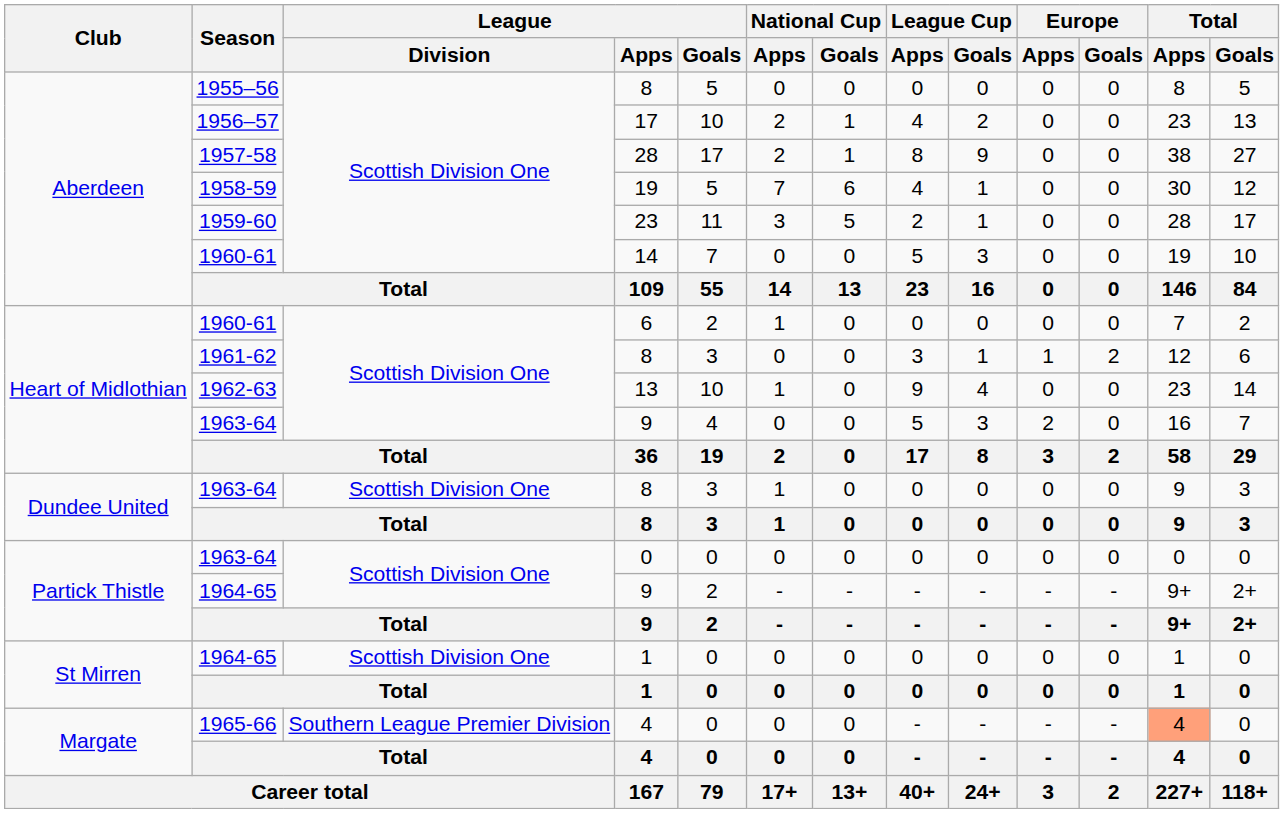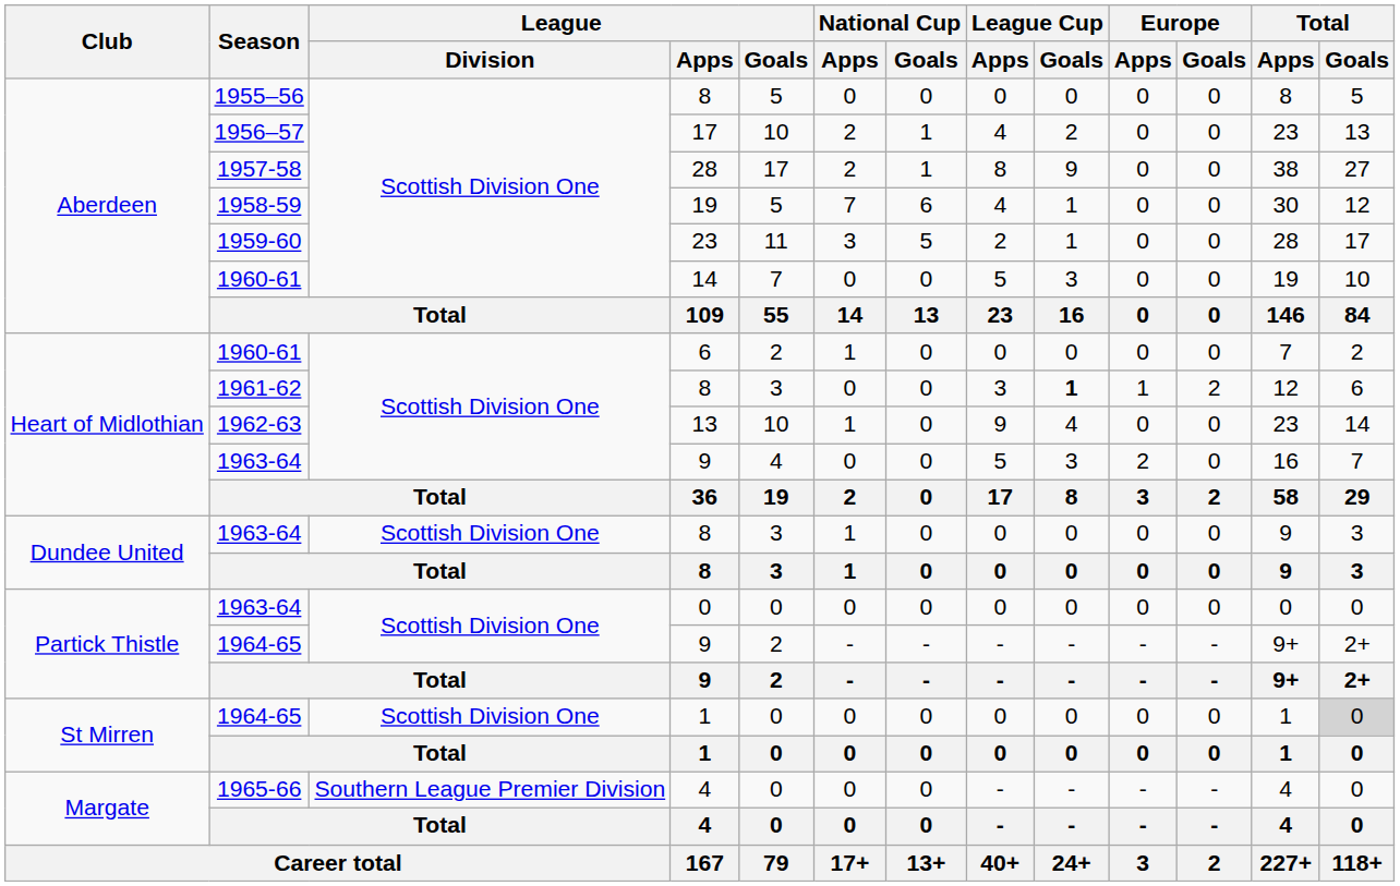 <table class="wikitable" style="text-align:center">
 <tr>
 <th rowspan="2">Club</th>
 <th rowspan="2">Season</th>
 <th colspan="3">League</th>
 <th colspan="2">National Cup</th>
 <th colspan="2">League Cup</th>
 <th colspan="2">Europe</th>
 <th colspan="2">Total</th>
 </tr>
 <tr>
 <th>Division</th>
 <th>Apps</th>
 <th>Goals</th>
 <th>Apps</th>
 <th>Goals</th>
 <th>Apps</th>
 <th>Goals</th>
 <th>Apps</th>
 <th>Goals</th>
 <th>Apps</th>
 <th>Goals</th>
 </tr>
 <tr>
 <td rowspan="7"><a href='#'>Aberdeen</a></td>
 <td><a href='#'>1955–56</a></td>
 <td rowspan="6"><a href='#'>Scottish Division One</a></td>
 <td>8</td>
 <td>5</td>
 <td>0</td>
 <td>0</td>
 <td>0</td>
 <td>0</td>
 <td>0</td>
 <td>0</td>
 <td>8</td>
 <td>5</td>
 </tr>
 <tr>
 <td><a href='#'>1956–57</a></td>
 <td>17</td>
 <td>10</td>
 <td>2</td>
 <td>1</td>
 <td>4</td>
 <td>2</td>
 <td>0</td>
 <td>0</td>
 <td>23</td>
 <td>13</td>
 </tr>
 <tr>
 <td><a href='#'>1957-58</a></td>
 <td>28</td>
 <td>17</td>
 <td>2</td>
 <td>1</td>
 <td>8</td>
 <td>9</td>
 <td>0</td>
 <td>0</td>
 <td>38</td>
 <td>27</td>
 </tr>
 <tr>
 <td><a href='#'>1958-59</a></td>
 <td>19</td>
 <td>5</td>
 <td>7</td>
 <td>6</td>
 <td>4</td>
 <td>1</td>
 <td>0</td>
 <td>0</td>
 <td>30</td>
 <td>12</td>
 </tr>
 <tr>
 <td><a href='#'>1959-60</a></td>
 <td>23</td>
 <td>11</td>
 <td>3</td>
 <td>5</td>
 <td>2</td>
 <td>1</td>
 <td>0</td>
 <td>0</td>
 <td>28</td>
 <td>17</td>
 </tr>
 <tr>
 <td><a href='#'>1960-61</a></td>
 <td>14</td>
 <td>7</td>
 <td>0</td>
 <td>0</td>
 <td>5</td>
 <td>3</td>
 <td>0</td>
 <td>0</td>
 <td>19</td>
 <td>10</td>
 </tr>
 <tr>
 <th colspan="2">Total</th>
 <th>109</th>
 <th>55</th>
 <th>14</th>
 <th>13</th>
 <th>23</th>
 <th>16</th>
 <th>0</th>
 <th>0</th>
 <th>146</th>
 <th>84</th>
 </tr>
 <tr>
 <td rowspan="5"><a href='#'>Heart of Midlothian</a></td>
 <td><a href='#'>1960-61</a></td>
 <td rowspan="4"><a href='#'>Scottish Division One</a></td>
 <td>6</td>
 <td>2</td>
 <td>1</td>
 <td>0</td>
 <td>0</td>
 <td>0</td>
 <td>0</td>
 <td>0</td>
 <td>7</td>
 <td>2</td>
 </tr>
 <tr>
 <td><a href='#'>1961-62</a></td>
 <td>8</td>
 <td>3</td>
 <td>0</td>
 <td>0</td>
 <td>3</td>
-<td>1</td>
+<td><strong>1</strong></td>
 <td>1</td>
 <td>2</td>
 <td>12</td>
 <td>6</td>
 </tr>
 <tr>
 <td><a href='#'>1962-63</a></td>
 <td>13</td>
 <td>10</td>
 <td>1</td>
 <td>0</td>
 <td>9</td>
 <td>4</td>
 <td>0</td>
 <td>0</td>
 <td>23</td>
 <td>14</td>
 </tr>
 <tr>
 <td><a href='#'>1963-64</a></td>
 <td>9</td>
 <td>4</td>
 <td>0</td>
 <td>0</td>
 <td>5</td>
 <td>3</td>
 <td>2</td>
 <td>0</td>
 <td>16</td>
 <td>7</td>
 </tr>
 <tr>
 <th colspan="2">Total</th>
 <th>36</th>
 <th>19</th>
 <th>2</th>
 <th>0</th>
 <th>17</th>
 <th>8</th>
 <th>3</th>
 <th>2</th>
 <th>58</th>
 <th>29</th>
 </tr>
 <tr>
 <td rowspan="2"><a href='#'>Dundee United</a></td>
 <td><a href='#'>1963-64</a></td>
 <td><a href='#'>Scottish Division One</a></td>
 <td>8</td>
 <td>3</td>
 <td>1</td>
 <td>0</td>
 <td>0</td>
 <td>0</td>
 <td>0</td>
 <td>0</td>
 <td>9</td>
 <td>3</td>
 </tr>
 <tr>
 <th colspan="2">Total</th>
 <th>8</th>
 <th>3</th>
 <th>1</th>
 <th>0</th>
 <th>0</th>
 <th>0</th>
 <th>0</th>
 <th>0</th>
 <th>9</th>
 <th>3</th>
 </tr>
 <tr>
 <td rowspan="3"><a href='#'>Partick Thistle</a></td>
 <td><a href='#'>1963-64</a></td>
 <td rowspan="2"><a href='#'>Scottish Division One</a></td>
 <td>0</td>
 <td>0</td>
 <td>0</td>
 <td>0</td>
 <td>0</td>
 <td>0</td>
 <td>0</td>
 <td>0</td>
 <td>0</td>
 <td>0</td>
 </tr>
 <tr>
 <td><a href='#'>1964-65</a></td>
 <td>9</td>
 <td>2</td>
 <td>-</td>
 <td>-</td>
 <td>-</td>
 <td>-</td>
 <td>-</td>
 <td>-</td>
 <td>9+</td>
 <td>2+</td>
 </tr>
 <tr>
 <th colspan="2">Total</th>
 <th>9</th>
 <th>2</th>
 <th>-</th>
 <th>-</th>
 <th>-</th>
 <th>-</th>
 <th>-</th>
 <th>-</th>
 <th>9+</th>
 <th>2+</th>
 </tr>
 <tr>
 <td rowspan="2"><a href='#'>St Mirren</a></td>
 <td><a href='#'>1964-65</a></td>
 <td><a href='#'>Scottish Division One</a></td>
 <td>1</td>
 <td>0</td>
 <td>0</td>
 <td>0</td>
 <td>0</td>
 <td>0</td>
 <td>0</td>
 <td>0</td>
 <td>1</td>
-<td>0</td>
+<td style="background: lightgrey;">0</td>
 </tr>
 <tr>
 <th colspan="2">Total</th>
 <th>1</th>
 <th>0</th>
 <th>0</th>
 <th>0</th>
 <th>0</th>
 <th>0</th>
 <th>0</th>
 <th>0</th>
 <th>1</th>
 <th>0</th>
 </tr>
 <tr>
 <td rowspan="2"><a href='#'>Margate</a></td>
 <td><a href='#'>1965-66</a></td>
 <td><a href='#'>Southern League Premier Division</a></td>
 <td>4</td>
 <td>0</td>
 <td>0</td>
 <td>0</td>
 <td>-</td>
 <td>-</td>
 <td>-</td>
 <td>-</td>
-<td style="background: lightsalmon;">4</td>
+<td>4</td>
 <td>0</td>
 </tr>
 <tr>
 <th colspan="2">Total</th>
 <th>4</th>
 <th>0</th>
 <th>0</th>
 <th>0</th>
 <th>-</th>
 <th>-</th>
 <th>-</th>
 <th>-</th>
 <th>4</th>
 <th>0</th>
 </tr>
 <tr>
 <th colspan="3">Career total</th>
 <th>167</th>
 <th>79</th>
 <th>17+</th>
 <th>13+</th>
 <th>40+</th>
 <th>24+</th>
 <th>3</th>
 <th>2</th>
 <th>227+</th>
 <th>118+</th>
 </tr>
 </table>
